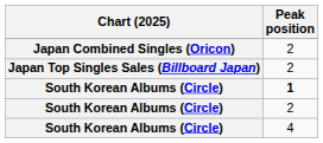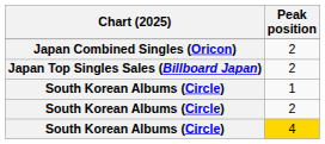 <table class="wikitable sortable plainrowheaders" style="text-align:center">
 <tr>
 <th scope="col">Chart (2025)</th>
 <th scope="col">Peak<br>position</th>
 </tr>
 <tr>
 </tr>
 <tr>
 <th scope="row">Japan Combined Singles (<a href='#'>Oricon</a>)</th>
 <td>2</td>
 </tr>
 <tr>
 <th scope="row">Japan Top Singles Sales (<em><a href='#'>Billboard Japan</a></em>)</th>
 <td>2</td>
 </tr>
 <tr>
 <th scope="row">South Korean Albums (<a href='#'>Circle</a>)</th>
-<td><strong>1</strong></td>
+<td>1</td>
 </tr>
 <tr>
 <th scope="row">South Korean Albums (<a href='#'>Circle</a>)<br></th>
 <td>2</td>
 </tr>
 <tr>
 <th scope="row">South Korean Albums (<a href='#'>Circle</a>)<br></th>
-<td>4</td>
+<td style="background: gold;">4</td>
 </tr>
 </table>
